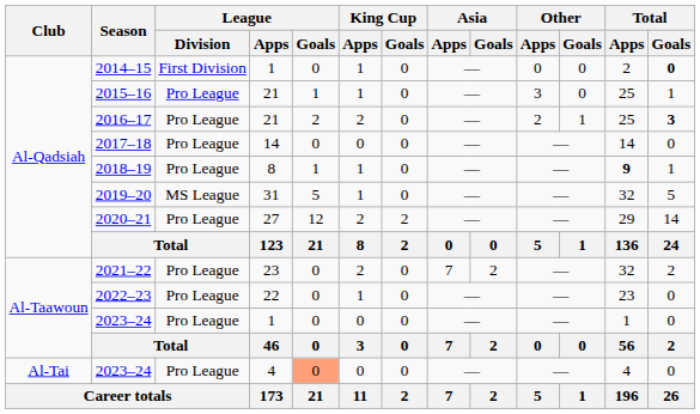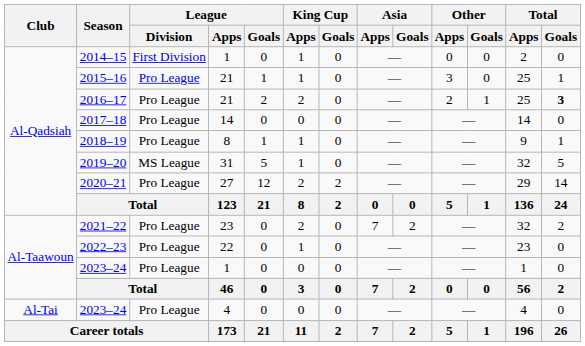 <table class="wikitable" style="text-align: center">
 <tr>
 <th rowspan=2>Club</th>
 <th rowspan=2>Season</th>
 <th colspan=3>League</th>
 <th colspan=2>King Cup</th>
 <th colspan=2>Asia</th>
 <th colspan=2>Other</th>
 <th colspan=2>Total</th>
 </tr>
 <tr>
 <th>Division</th>
 <th>Apps</th>
 <th>Goals</th>
 <th>Apps</th>
 <th>Goals</th>
 <th>Apps</th>
 <th>Goals</th>
 <th>Apps</th>
 <th>Goals</th>
 <th>Apps</th>
 <th>Goals</th>
 </tr>
 <tr>
 <td rowspan=8><a href='#'>Al-Qadsiah</a></td>
 <td><a href='#'>2014–15</a></td>
 <td><a href='#'>First Division</a></td>
 <td>1</td>
 <td>0</td>
 <td>1</td>
 <td>0</td>
 <td colspan=2>—</td>
 <td>0</td>
 <td>0</td>
 <td>2</td>
-<td><strong>0</strong></td>
+<td>0</td>
 </tr>
 <tr>
 <td><a href='#'>2015–16</a></td>
 <td><a href='#'>Pro League</a></td>
 <td>21</td>
 <td>1</td>
 <td>1</td>
 <td>0</td>
 <td colspan=2>—</td>
 <td>3</td>
 <td>0</td>
 <td>25</td>
 <td>1</td>
 </tr>
 <tr>
 <td><a href='#'>2016–17</a></td>
 <td>Pro League</td>
 <td>21</td>
 <td>2</td>
 <td>2</td>
 <td>0</td>
 <td colspan=2>—</td>
 <td>2</td>
 <td>1</td>
 <td>25</td>
 <td><strong>3</strong></td>
 </tr>
 <tr>
 <td><a href='#'>2017–18</a></td>
 <td>Pro League</td>
 <td>14</td>
 <td>0</td>
 <td>0</td>
 <td>0</td>
 <td colspan=2>—</td>
 <td colspan=2>—</td>
 <td>14</td>
 <td>0</td>
 </tr>
 <tr>
 <td><a href='#'>2018–19</a></td>
 <td>Pro League</td>
 <td>8</td>
 <td>1</td>
 <td>1</td>
 <td>0</td>
 <td colspan=2>—</td>
 <td colspan=2>—</td>
-<td><strong>9</strong></td>
+<td>9</td>
 <td>1</td>
 </tr>
 <tr>
 <td><a href='#'>2019–20</a></td>
 <td>MS League</td>
 <td>31</td>
 <td>5</td>
 <td>1</td>
 <td>0</td>
 <td colspan=2>—</td>
 <td colspan=2>—</td>
 <td>32</td>
 <td>5</td>
 </tr>
 <tr>
 <td><a href='#'>2020–21</a></td>
 <td>Pro League</td>
 <td>27</td>
 <td>12</td>
 <td>2</td>
 <td>2</td>
 <td colspan=2>—</td>
 <td colspan=2>—</td>
 <td>29</td>
 <td>14</td>
 </tr>
 <tr>
 <th colspan="2">Total</th>
 <th>123</th>
 <th>21</th>
 <th>8</th>
 <th>2</th>
 <th>0</th>
 <th>0</th>
 <th>5</th>
 <th>1</th>
 <th>136</th>
 <th>24</th>
 </tr>
 <tr>
 <td rowspan=4><a href='#'>Al-Taawoun</a></td>
 <td><a href='#'>2021–22</a></td>
 <td>Pro League</td>
 <td>23</td>
 <td>0</td>
 <td>2</td>
 <td>0</td>
 <td>7</td>
 <td>2</td>
 <td colspan=2>—</td>
 <td>32</td>
 <td>2</td>
 </tr>
 <tr>
 <td><a href='#'>2022–23</a></td>
 <td>Pro League</td>
 <td>22</td>
 <td>0</td>
 <td>1</td>
 <td>0</td>
 <td colspan=2>—</td>
 <td colspan=2>—</td>
 <td>23</td>
 <td>0</td>
 </tr>
 <tr>
 <td><a href='#'>2023–24</a></td>
 <td>Pro League</td>
 <td>1</td>
 <td>0</td>
 <td>0</td>
 <td>0</td>
 <td colspan=2>—</td>
 <td colspan=2>—</td>
 <td>1</td>
 <td>0</td>
 </tr>
 <tr>
 <th colspan="2">Total</th>
 <th>46</th>
 <th>0</th>
 <th>3</th>
 <th>0</th>
 <th>7</th>
 <th>2</th>
 <th>0</th>
 <th>0</th>
 <th>56</th>
 <th>2</th>
 </tr>
 <tr>
 <td rowspan=1><a href='#'>Al-Tai</a></td>
 <td><a href='#'>2023–24</a></td>
 <td>Pro League</td>
 <td>4</td>
-<td style="background: lightsalmon;">0</td>
+<td>0</td>
 <td>0</td>
 <td>0</td>
 <td colspan=2>—</td>
 <td colspan=2>—</td>
 <td>4</td>
 <td>0</td>
 </tr>
 <tr>
 <th colspan=3>Career totals</th>
 <th>173</th>
 <th>21</th>
 <th>11</th>
 <th>2</th>
 <th>7</th>
 <th>2</th>
 <th>5</th>
 <th>1</th>
 <th>196</th>
 <th>26</th>
 </tr>
 </table>
